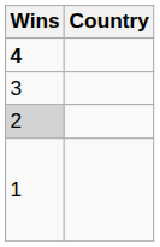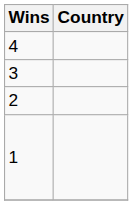 <table class="wikitable">
 <tr>
 <th>Wins</th>
 <th>Country</th>
 </tr>
 <tr>
-<td><strong>4</strong></td>
+<td>4</td>
 <td></td>
 </tr>
 <tr>
 <td>3</td>
 <td></td>
 </tr>
 <tr>
-<td style="background: lightgrey;">2</td>
+<td>2</td>
 <td><br></td>
 </tr>
 <tr>
 <td>1</td>
 <td><br><br><br><br></td>
 </tr>
 <tr>
 </tr>
 </table>
